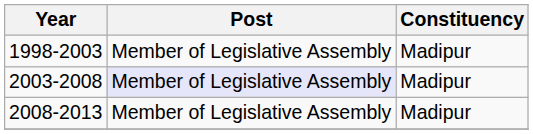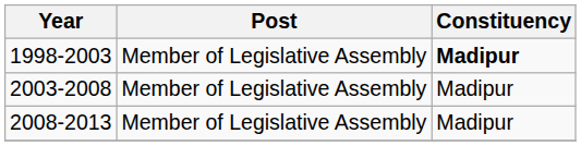 <table class="wikitable">
 <tr>
 <th>Year</th>
 <th>Post</th>
 <th>Constituency</th>
 </tr>
 <tr>
 <td>1998-2003</td>
 <td>Member of Legislative Assembly</td>
-<td>Madipur</td>
+<td><strong>Madipur</strong></td>
 </tr>
 <tr>
 <td>2003-2008</td>
-<td style="background: lavender;">Member of Legislative Assembly</td>
+<td>Member of Legislative Assembly</td>
 <td>Madipur</td>
 </tr>
 <tr>
 <td>2008-2013</td>
 <td>Member of Legislative Assembly</td>
 <td>Madipur</td>
 </tr>
 <tr>
 </tr>
 </table>
